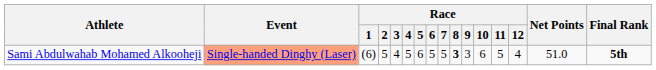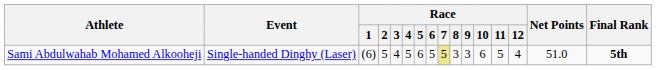 <table class="wikitable" border="1" style="font-size:90%">
 <tr>
 <th rowspan=2>Athlete</th>
 <th rowspan=2>Event</th>
 <th colspan=12>Race</th>
 <th rowspan=2>Net Points</th>
 <th rowspan=2>Final Rank</th>
 </tr>
 <tr>
 <th>1</th>
 <th>2</th>
 <th>3</th>
 <th>4</th>
 <th>5</th>
 <th>6</th>
 <th>7</th>
 <th>8</th>
 <th>9</th>
 <th>10</th>
 <th>11</th>
 <th>12</th>
 </tr>
 <tr align=center>
 <td align=left><a href='#'>Sami Abdulwahab Mohamed Alkooheji</a></td>
-<td align=left style="background: lightsalmon;"><a href='#'>Single-handed Dinghy (Laser)</a></td>
+<td align=left><a href='#'>Single-handed Dinghy (Laser)</a></td>
 <td>(6)</td>
 <td>5</td>
 <td>4</td>
 <td>5</td>
 <td>6</td>
 <td>5</td>
-<td>5</td>
-<td><strong>3</strong></td>
+<td style="background: khaki;">5</td>
+<td>3</td>
 <td>3</td>
 <td>6</td>
 <td>5</td>
 <td>4</td>
 <td>51.0</td>
 <td><strong>5th</strong></td>
 </tr>
 </table>
